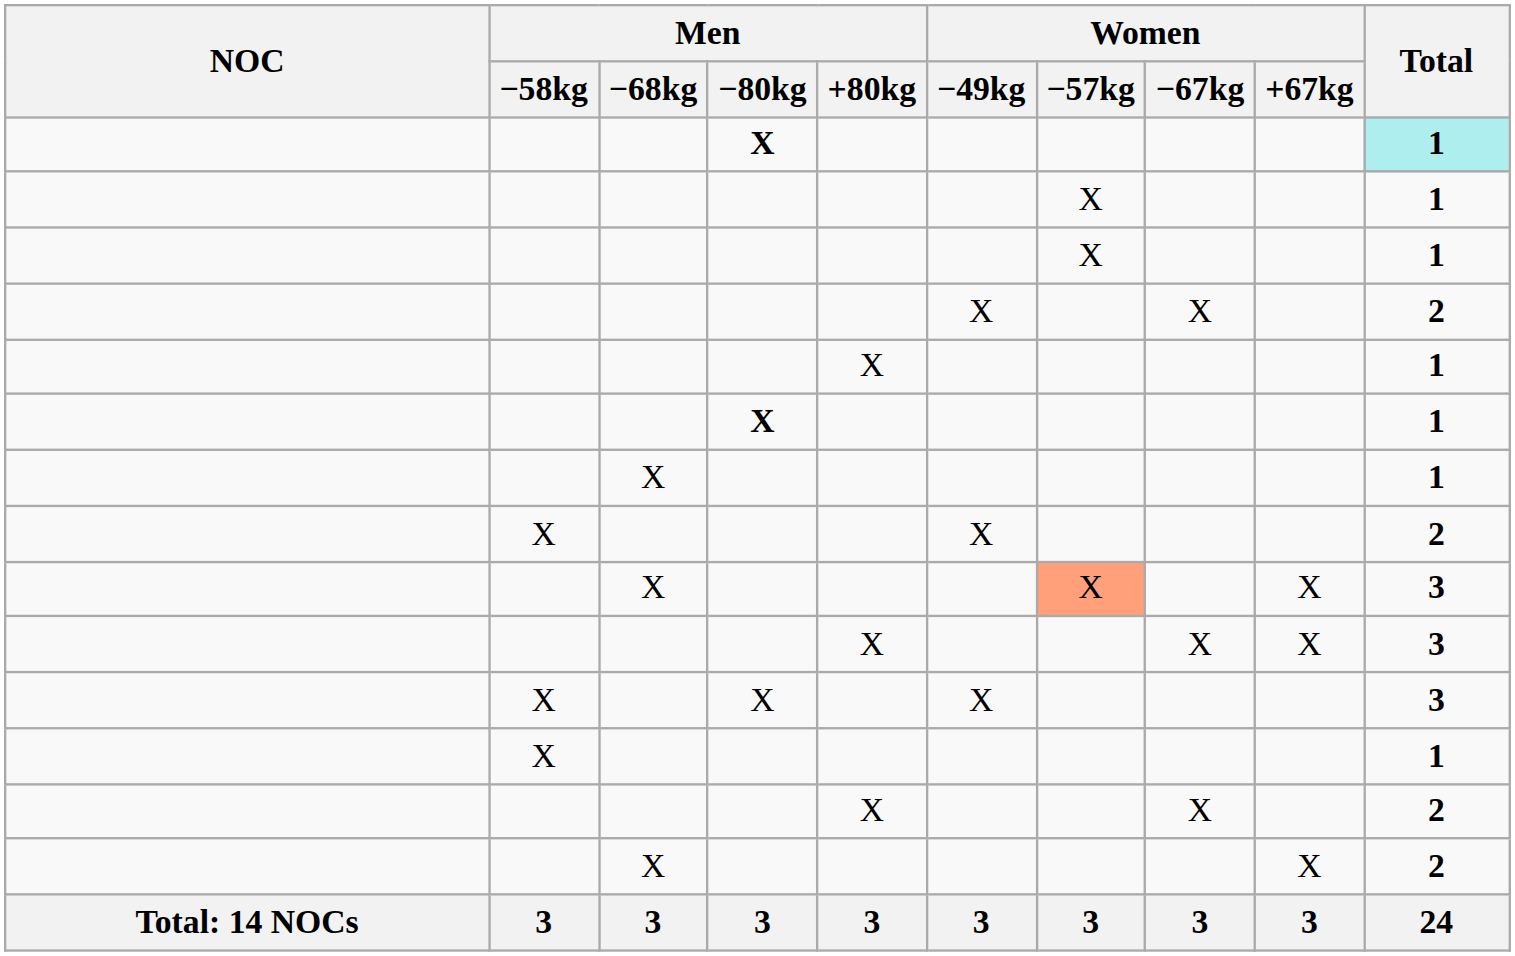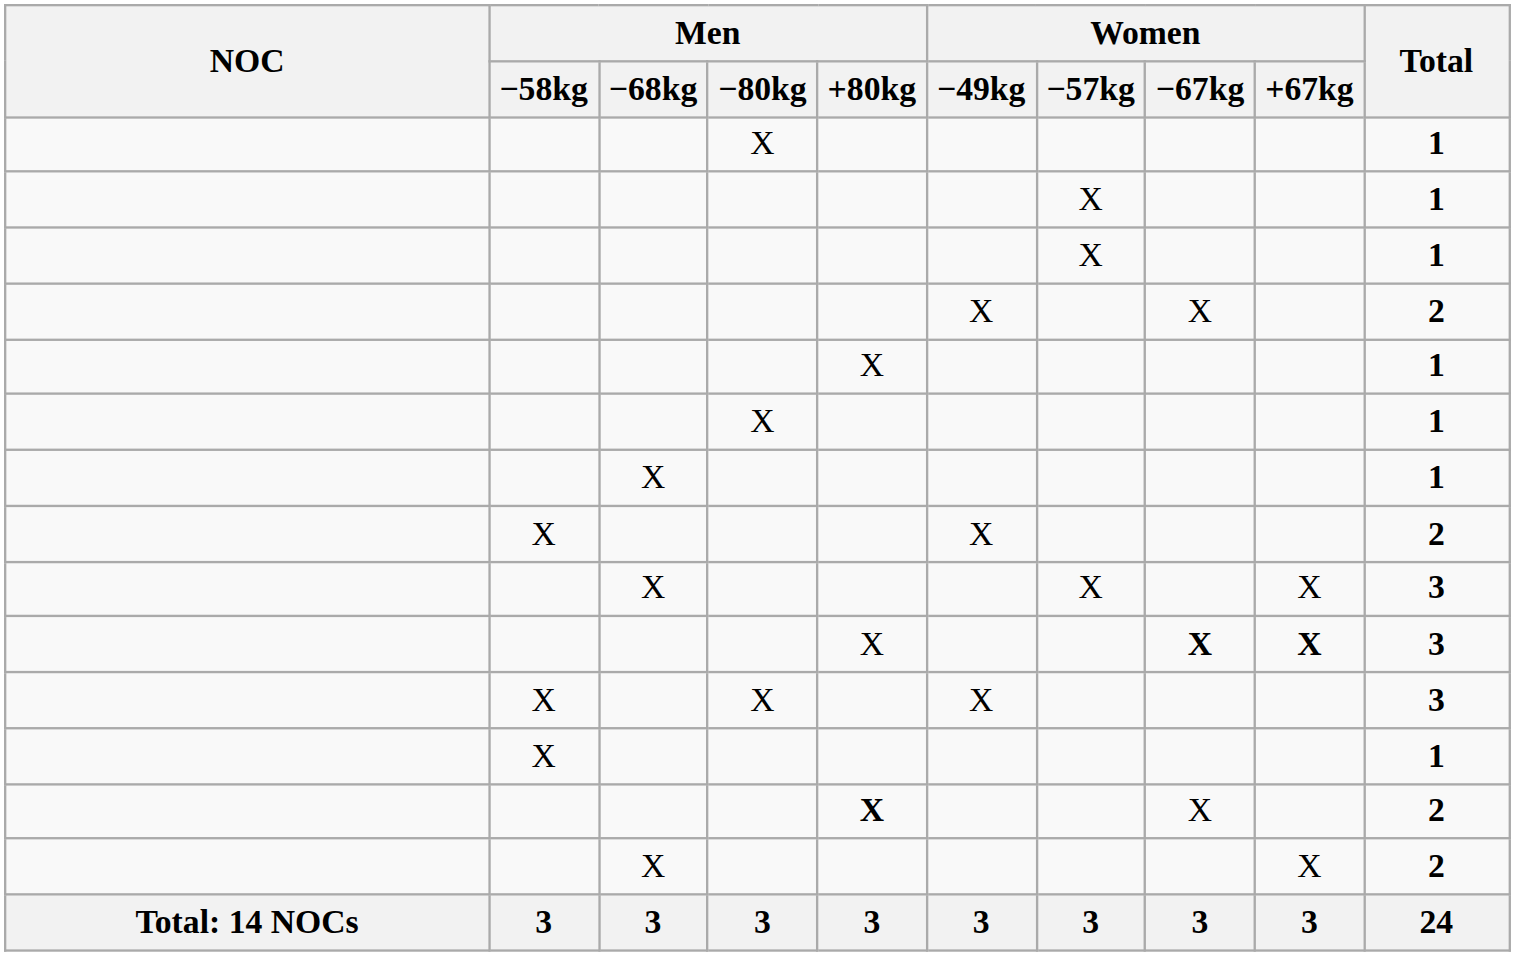 <table class="wikitable" style="text-align:center; font-size:90%">
 <tr>
 <th rowspan="2" width=200 align="left">NOC</th>
 <th colspan="4">Men</th>
 <th colspan="4">Women</th>
 <th width=55 rowspan="2">Total</th>
 </tr>
 <tr>
 <th width=40>−58kg</th>
 <th width=40>−68kg</th>
 <th width=40>−80kg</th>
 <th width=40>+80kg</th>
 <th width=40>−49kg</th>
 <th width=40>−57kg</th>
 <th width=40>−67kg</th>
 <th width=40>+67kg</th>
 </tr>
 <tr>
 <td align="left"></td>
 <td></td>
 <td></td>
-<td><strong>X</strong></td>
+<td>X</td>
 <td></td>
 <td></td>
 <td></td>
 <td></td>
 <td></td>
-<td style="background: paleturquoise;"><strong>1</strong></td>
+<td><strong>1</strong></td>
 </tr>
 <tr>
 <td align="left"></td>
 <td></td>
 <td></td>
 <td></td>
 <td></td>
 <td></td>
 <td>X</td>
 <td></td>
 <td></td>
 <td><strong>1</strong></td>
 </tr>
 <tr>
 <td align="left"></td>
 <td></td>
 <td></td>
 <td></td>
 <td></td>
 <td></td>
 <td>X</td>
 <td></td>
 <td></td>
 <td><strong>1</strong></td>
 </tr>
 <tr>
 <td align="left"></td>
 <td></td>
 <td></td>
 <td></td>
 <td></td>
 <td>X</td>
 <td></td>
 <td>X</td>
 <td></td>
 <td><strong>2</strong></td>
 </tr>
 <tr>
 <td align="left"></td>
 <td></td>
 <td></td>
 <td></td>
 <td>X</td>
 <td></td>
 <td></td>
 <td></td>
 <td></td>
 <td><strong>1</strong></td>
 </tr>
 <tr>
 <td align="left"></td>
 <td></td>
 <td></td>
-<td><strong>X</strong></td>
+<td>X</td>
 <td></td>
 <td></td>
 <td></td>
 <td></td>
 <td></td>
 <td><strong>1</strong></td>
 </tr>
 <tr>
 <td align="left"></td>
 <td></td>
 <td>X</td>
 <td></td>
 <td></td>
 <td></td>
 <td></td>
 <td></td>
 <td></td>
 <td><strong>1</strong></td>
 </tr>
 <tr>
 <td align="left"></td>
 <td>X</td>
 <td></td>
 <td></td>
 <td></td>
 <td>X</td>
 <td></td>
 <td></td>
 <td></td>
 <td><strong>2</strong></td>
 </tr>
 <tr>
 <td align="left"></td>
 <td></td>
 <td>X</td>
 <td></td>
 <td></td>
 <td></td>
-<td style="background: lightsalmon;">X</td>
+<td>X</td>
 <td></td>
 <td>X</td>
 <td><strong>3</strong></td>
 </tr>
 <tr>
 <td align="left"></td>
 <td></td>
 <td></td>
 <td></td>
 <td>X</td>
 <td></td>
 <td></td>
-<td>X</td>
-<td>X</td>
+<td><strong>X</strong></td>
+<td><strong>X</strong></td>
 <td><strong>3</strong></td>
 </tr>
 <tr>
 <td align="left"></td>
 <td>X</td>
 <td></td>
 <td>X</td>
 <td></td>
 <td>X</td>
 <td></td>
 <td></td>
 <td></td>
 <td><strong>3</strong></td>
 </tr>
 <tr>
 <td align="left"></td>
 <td>X</td>
 <td></td>
 <td></td>
 <td></td>
 <td></td>
 <td></td>
 <td></td>
 <td></td>
 <td><strong>1</strong></td>
 </tr>
 <tr>
 <td align="left"></td>
 <td></td>
 <td></td>
 <td></td>
-<td>X</td>
+<td><strong>X</strong></td>
 <td></td>
 <td></td>
 <td>X</td>
 <td></td>
 <td><strong>2</strong></td>
 </tr>
 <tr>
 <td align="left"></td>
 <td></td>
 <td>X</td>
 <td></td>
 <td></td>
 <td></td>
 <td></td>
 <td></td>
 <td>X</td>
 <td><strong>2</strong></td>
 </tr>
 <tr>
 <th>Total: 14 NOCs</th>
 <th>3</th>
 <th>3</th>
 <th>3</th>
 <th>3</th>
 <th>3</th>
 <th>3</th>
 <th>3</th>
 <th>3</th>
 <th>24</th>
 </tr>
 </table>
